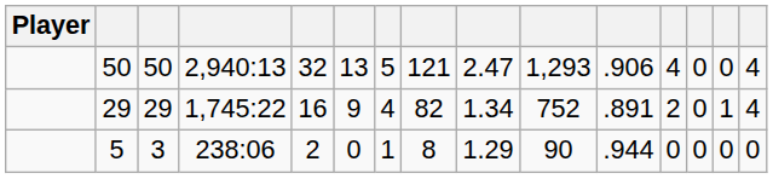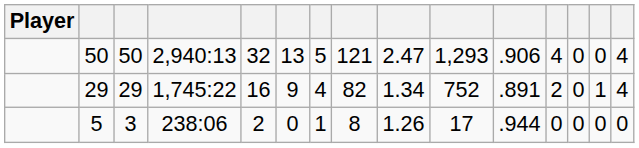 <table class="wikitable sortable" style="text-align:center;">
 <tr>
 <th>Player</th>
 <th></th>
 <th></th>
 <th></th>
 <th></th>
 <th></th>
 <th></th>
 <th></th>
 <th></th>
 <th></th>
 <th></th>
 <th></th>
 <th></th>
 <th></th>
 <th></th>
 </tr>
 <tr>
 <td></td>
 <td>50</td>
 <td>50</td>
 <td>2,940:13</td>
 <td>32</td>
 <td>13</td>
 <td>5</td>
 <td>121</td>
 <td>2.47</td>
 <td>1,293</td>
 <td>.906</td>
 <td>4</td>
 <td>0</td>
 <td>0</td>
 <td>4</td>
 </tr>
 <tr>
 <td></td>
 <td>29</td>
 <td>29</td>
 <td>1,745:22</td>
 <td>16</td>
 <td>9</td>
 <td>4</td>
 <td>82</td>
 <td>1.34</td>
 <td>752</td>
 <td>.891</td>
 <td>2</td>
 <td>0</td>
 <td>1</td>
 <td>4</td>
 </tr>
 <tr>
 <td></td>
 <td>5</td>
 <td>3</td>
 <td>238:06</td>
 <td>2</td>
 <td>0</td>
 <td>1</td>
 <td>8</td>
-<td>1.29</td>
-<td>90</td>
+<td>1.26</td>
+<td>17</td>
 <td>.944</td>
 <td>0</td>
 <td>0</td>
 <td>0</td>
 <td>0</td>
 </tr>
 </table>
